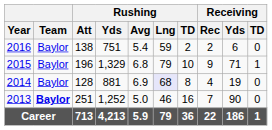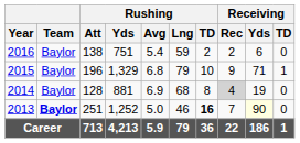 <table class="wikitable" style="text-align:center;">
 <tr>
 <th colspan="2"></th>
 <th colspan="5">Rushing</th>
 <th colspan="3">Receiving</th>
 </tr>
 <tr>
 <th>Year</th>
 <th>Team</th>
 <th>Att</th>
 <th>Yds</th>
 <th>Avg</th>
 <th>Lng</th>
 <th>TD</th>
 <th>Rec</th>
 <th>Yds</th>
 <th>TD</th>
 </tr>
 <tr>
 <td><a href='#'>2016</a></td>
 <td><a href='#'>Baylor</a></td>
 <td>138</td>
 <td>751</td>
 <td>5.4</td>
 <td>59</td>
 <td>2</td>
 <td>2</td>
 <td>6</td>
 <td>0</td>
 </tr>
 <tr>
 <td><a href='#'>2015</a></td>
 <td><a href='#'>Baylor</a></td>
 <td>196</td>
 <td>1,329</td>
 <td>6.8</td>
 <td>79</td>
 <td>10</td>
 <td>9</td>
 <td>71</td>
 <td>1</td>
 </tr>
 <tr>
 <td><a href='#'>2014</a></td>
 <td><a href='#'>Baylor</a></td>
 <td>128</td>
 <td>881</td>
 <td>6.9</td>
-<td style="background: lavender;">68</td>
+<td>68</td>
 <td>8</td>
-<td>4</td>
+<td style="background: lightgrey;">4</td>
 <td>19</td>
 <td>0</td>
 </tr>
 <tr>
 <td><a href='#'>2013</a></td>
 <td><strong><a href='#'>Baylor</a></strong></td>
 <td>251</td>
 <td>1,252</td>
 <td>5.0</td>
 <td>46</td>
-<td>16</td>
+<td><strong>16</strong></td>
 <td>7</td>
-<td>90</td>
+<td style="background: lightyellow;">90</td>
 <td>0</td>
 </tr>
 <tr>
 </tr>
 <tr style="background:#555555;font-weight:bold;color:white;">
 <td colspan=2>Career</td>
 <td>713</td>
 <td>4,213</td>
 <td>5.9</td>
 <td>79</td>
 <td>36</td>
 <td>22</td>
 <td>186</td>
 <td>1</td>
 </tr>
 </table>
